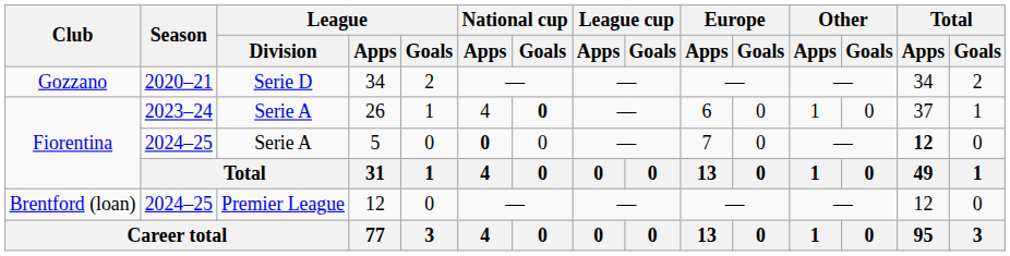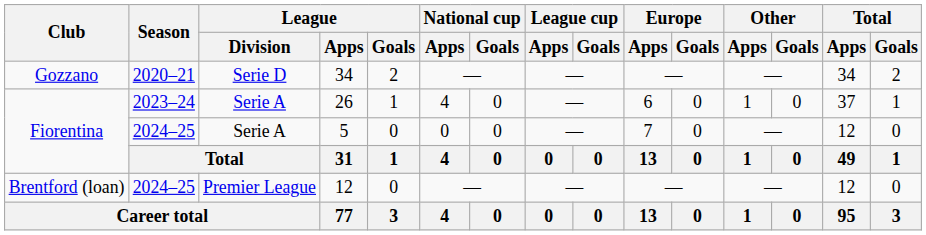 <table class="wikitable" Style="text-align: center">
 <tr>
 <th rowspan="2">Club</th>
 <th rowspan="2">Season</th>
 <th colspan="3">League</th>
 <th colspan="2">National cup</th>
 <th colspan="2">League cup</th>
 <th colspan="2">Europe</th>
 <th colspan="2">Other</th>
 <th colspan="2">Total</th>
 </tr>
 <tr>
 <th>Division</th>
 <th>Apps</th>
 <th>Goals</th>
 <th>Apps</th>
 <th>Goals</th>
 <th>Apps</th>
 <th>Goals</th>
 <th>Apps</th>
 <th>Goals</th>
 <th>Apps</th>
 <th>Goals</th>
 <th>Apps</th>
 <th>Goals</th>
 </tr>
 <tr>
 <td><a href='#'>Gozzano</a></td>
 <td><a href='#'>2020–21</a></td>
 <td><a href='#'>Serie D</a></td>
 <td>34</td>
 <td>2</td>
 <td colspan="2">—</td>
 <td colspan="2">—</td>
 <td colspan="2">—</td>
 <td colspan="2">—</td>
 <td>34</td>
 <td>2</td>
 </tr>
 <tr>
 <td rowspan="3"><a href='#'>Fiorentina</a></td>
 <td><a href='#'>2023–24</a></td>
 <td><a href='#'>Serie A</a></td>
 <td>26</td>
 <td>1</td>
 <td>4</td>
-<td><strong>0</strong></td>
+<td>0</td>
 <td colspan="2">—</td>
 <td>6</td>
 <td>0</td>
 <td>1</td>
 <td>0</td>
 <td>37</td>
 <td>1</td>
 </tr>
 <tr>
 <td><a href='#'>2024–25</a></td>
 <td>Serie A</td>
 <td>5</td>
 <td>0</td>
-<td><strong>0</strong></td>
+<td>0</td>
 <td>0</td>
 <td colspan="2">—</td>
 <td>7</td>
 <td>0</td>
 <td colspan="2">—</td>
-<td><strong>12</strong></td>
+<td>12</td>
 <td>0</td>
 </tr>
 <tr>
 <th colspan="2">Total</th>
 <th>31</th>
 <th>1</th>
 <th>4</th>
 <th>0</th>
 <th>0</th>
 <th>0</th>
 <th>13</th>
 <th>0</th>
 <th>1</th>
 <th>0</th>
 <th>49</th>
 <th>1</th>
 </tr>
 <tr>
 <td><a href='#'>Brentford</a> (loan)</td>
 <td><a href='#'>2024–25</a></td>
 <td><a href='#'>Premier League</a></td>
 <td>12</td>
 <td>0</td>
 <td colspan="2">—</td>
 <td colspan="2">—</td>
 <td colspan="2">—</td>
 <td colspan="2">—</td>
 <td>12</td>
 <td>0</td>
 </tr>
 <tr>
 <th colspan="3">Career total</th>
 <th>77</th>
 <th>3</th>
 <th>4</th>
 <th>0</th>
 <th>0</th>
 <th>0</th>
 <th>13</th>
 <th>0</th>
 <th>1</th>
 <th>0</th>
 <th>95</th>
 <th>3</th>
 </tr>
 </table>
